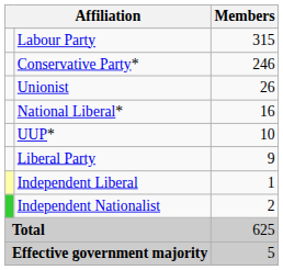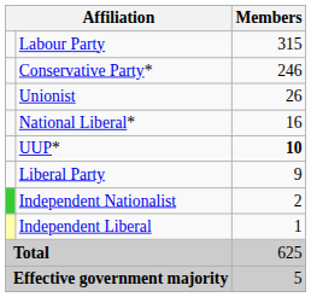 <table class="wikitable">
 <tr>
 <th colspan="2">Affiliation</th>
 <th>Members</th>
 </tr>
 <tr>
 <td style="color:inherit;background:"></td>
 <td><a href='#'>Labour Party</a></td>
 <td align="right">315</td>
 </tr>
 <tr>
 <td style="color:inherit;background:"></td>
 <td><a href='#'>Conservative Party</a>*</td>
 <td align="right">246</td>
 </tr>
 <tr>
 <td style="color:inherit;background:"></td>
 <td><a href='#'>Unionist</a></td>
 <td align="right">26</td>
 </tr>
 <tr>
 <td style="color:inherit;background:"></td>
 <td><a href='#'>National Liberal</a>*</td>
 <td align="right">16</td>
 </tr>
 <tr>
 <td style="color:inherit;background:"></td>
 <td><a href='#'>UUP</a>*</td>
-<td align="right">10</td>
+<td align="right"><strong>10</strong></td>
 </tr>
 <tr>
 <td style="color:inherit;background:"></td>
 <td><a href='#'>Liberal Party</a></td>
 <td align="right">9</td>
 </tr>
 <tr>
+<td bgcolor="32CD32"></td>
+<td><a href='#'>Independent Nationalist</a></td>
+<td align="right">2</td>
+</tr>
+<tr>
 <td bgcolor="FFFFAA"></td>
 <td><a href='#'>Independent Liberal</a></td>
 <td align="right">1</td>
-</tr>
-<tr>
-<td bgcolor="32CD32"></td>
-<td><a href='#'>Independent Nationalist</a></td>
-<td align="right">2</td>
 </tr>
 <tr bgcolor="CCCCCC">
 <td colspan="2" rowspan="1"> <strong>Total</strong></td>
 <td align="right">625</td>
 </tr>
 <tr bgcolor="CCCCCC">
 <td colspan="2" rowspan="1"> <strong>Effective government majority</strong></td>
 <td align="right">5</td>
 </tr>
 </table>
